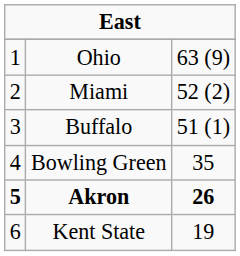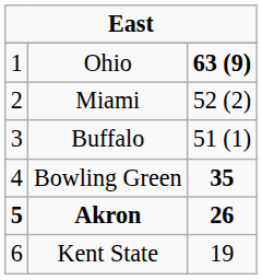 <table class="wikitable" style="display: inline-table;">
 <tr align="center">
 <td align="center" Colspan="3"><strong>East</strong></td>
 </tr>
 <tr align="center">
 </tr>
 <tr align="center">
 <td>1</td>
 <td>Ohio</td>
-<td>63 (9)</td>
+<td><strong>63 (9)</strong></td>
 </tr>
 <tr align="center">
 <td>2</td>
 <td>Miami</td>
 <td>52 (2)</td>
 </tr>
 <tr align="center">
 <td>3</td>
 <td>Buffalo</td>
 <td>51 (1)</td>
 </tr>
 <tr align="center">
 <td>4</td>
 <td>Bowling Green</td>
-<td>35</td>
+<td><strong>35</strong></td>
 </tr>
 <tr align="center">
 <td><strong>5</strong></td>
 <td><strong>Akron</strong></td>
 <td><strong>26</strong></td>
 </tr>
 <tr align="center">
 <td>6</td>
 <td>Kent State</td>
 <td>19</td>
 </tr>
 </table>
